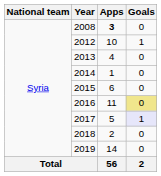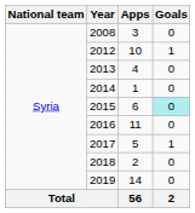 <table class="wikitable" style="text-align:center">
 <tr>
 <th>National team</th>
 <th>Year</th>
 <th>Apps</th>
 <th>Goals</th>
 </tr>
 <tr>
 <td rowspan="9"><a href='#'>Syria</a></td>
 <td>2008</td>
-<td><strong>3</strong></td>
+<td>3</td>
 <td>0</td>
 </tr>
 <tr>
 <td>2012</td>
 <td>10</td>
 <td>1</td>
 </tr>
 <tr>
 <td>2013</td>
 <td>4</td>
 <td>0</td>
 </tr>
 <tr>
 <td>2014</td>
 <td>1</td>
 <td>0</td>
 </tr>
 <tr>
 <td>2015</td>
 <td>6</td>
-<td>0</td>
+<td style="background: paleturquoise;">0</td>
 </tr>
 <tr>
 <td>2016</td>
 <td>11</td>
-<td style="background: khaki;">0</td>
+<td>0</td>
 </tr>
 <tr>
 <td>2017</td>
 <td>5</td>
-<td style="background: lavender;">1</td>
+<td>1</td>
 </tr>
 <tr>
 <td>2018</td>
 <td>2</td>
 <td>0</td>
 </tr>
 <tr>
 <td>2019</td>
 <td>14</td>
 <td>0</td>
 </tr>
 <tr>
 <th colspan=2>Total</th>
 <th>56</th>
 <th>2</th>
 </tr>
 </table>
